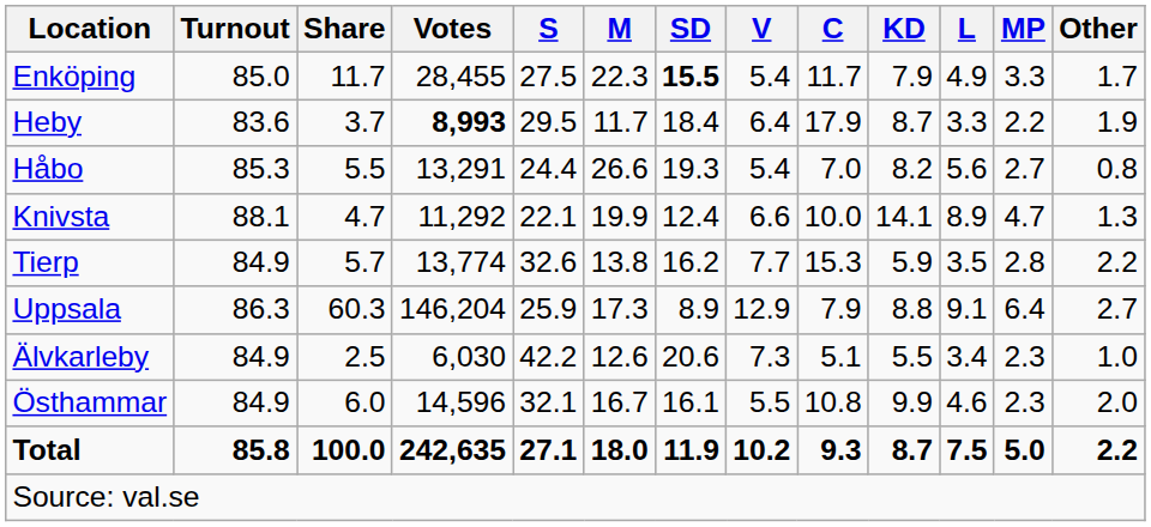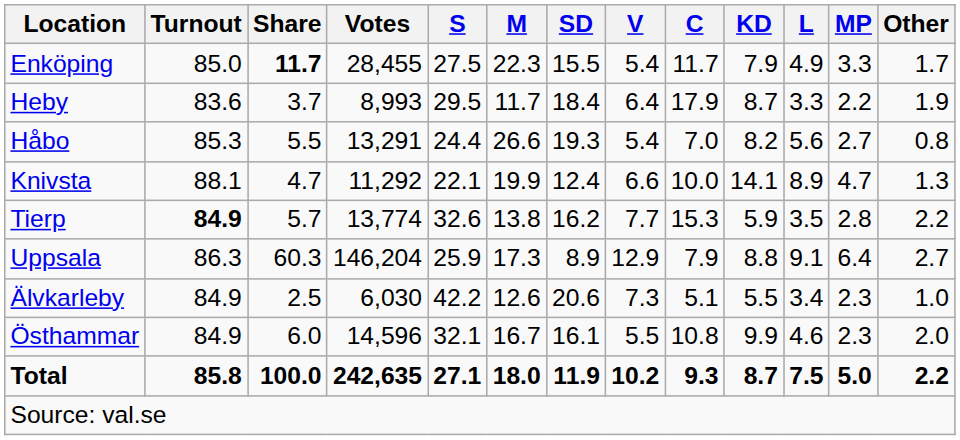 <table class="wikitable sortable" style=text-align:right>
 <tr>
 <th>Location</th>
 <th>Turnout</th>
 <th>Share</th>
 <th>Votes</th>
 <th><a href='#'>S</a></th>
 <th><a href='#'>M</a></th>
 <th><a href='#'>SD</a></th>
 <th><a href='#'>V</a></th>
 <th><a href='#'>C</a></th>
 <th><a href='#'>KD</a></th>
 <th><a href='#'>L</a></th>
 <th><a href='#'>MP</a></th>
 <th>Other</th>
 </tr>
 <tr>
 <td align=left><a href='#'>Enköping</a></td>
 <td>85.0</td>
-<td>11.7</td>
+<td><strong>11.7</strong></td>
 <td>28,455</td>
 <td>27.5</td>
 <td>22.3</td>
-<td><strong>15.5</strong></td>
+<td>15.5</td>
 <td>5.4</td>
 <td>11.7</td>
 <td>7.9</td>
 <td>4.9</td>
 <td>3.3</td>
 <td>1.7</td>
 </tr>
 <tr>
 <td align=left><a href='#'>Heby</a></td>
 <td>83.6</td>
 <td>3.7</td>
-<td><strong>8,993</strong></td>
+<td>8,993</td>
 <td>29.5</td>
 <td>11.7</td>
 <td>18.4</td>
 <td>6.4</td>
 <td>17.9</td>
 <td>8.7</td>
 <td>3.3</td>
 <td>2.2</td>
 <td>1.9</td>
 </tr>
 <tr>
 <td align=left><a href='#'>Håbo</a></td>
 <td>85.3</td>
 <td>5.5</td>
 <td>13,291</td>
 <td>24.4</td>
 <td>26.6</td>
 <td>19.3</td>
 <td>5.4</td>
 <td>7.0</td>
 <td>8.2</td>
 <td>5.6</td>
 <td>2.7</td>
 <td>0.8</td>
 </tr>
 <tr>
 <td align=left><a href='#'>Knivsta</a></td>
 <td>88.1</td>
 <td>4.7</td>
 <td>11,292</td>
 <td>22.1</td>
 <td>19.9</td>
 <td>12.4</td>
 <td>6.6</td>
 <td>10.0</td>
 <td>14.1</td>
 <td>8.9</td>
 <td>4.7</td>
 <td>1.3</td>
 </tr>
 <tr>
 <td align=left><a href='#'>Tierp</a></td>
-<td>84.9</td>
+<td><strong>84.9</strong></td>
 <td>5.7</td>
 <td>13,774</td>
 <td>32.6</td>
 <td>13.8</td>
 <td>16.2</td>
 <td>7.7</td>
 <td>15.3</td>
 <td>5.9</td>
 <td>3.5</td>
 <td>2.8</td>
 <td>2.2</td>
 </tr>
 <tr>
 <td align=left><a href='#'>Uppsala</a></td>
 <td>86.3</td>
 <td>60.3</td>
 <td>146,204</td>
 <td>25.9</td>
 <td>17.3</td>
 <td>8.9</td>
 <td>12.9</td>
 <td>7.9</td>
 <td>8.8</td>
 <td>9.1</td>
 <td>6.4</td>
 <td>2.7</td>
 </tr>
 <tr>
 <td align=left><a href='#'>Älvkarleby</a></td>
 <td>84.9</td>
 <td>2.5</td>
 <td>6,030</td>
 <td>42.2</td>
 <td>12.6</td>
 <td>20.6</td>
 <td>7.3</td>
 <td>5.1</td>
 <td>5.5</td>
 <td>3.4</td>
 <td>2.3</td>
 <td>1.0</td>
 </tr>
 <tr>
 <td align=left><a href='#'>Östhammar</a></td>
 <td>84.9</td>
 <td>6.0</td>
 <td>14,596</td>
 <td>32.1</td>
 <td>16.7</td>
 <td>16.1</td>
 <td>5.5</td>
 <td>10.8</td>
 <td>9.9</td>
 <td>4.6</td>
 <td>2.3</td>
 <td>2.0</td>
 </tr>
 <tr>
 <td align=left><strong>Total</strong></td>
 <td><strong>85.8</strong></td>
 <td><strong>100.0</strong></td>
 <td><strong>242,635</strong></td>
 <td><strong>27.1</strong></td>
 <td><strong>18.0</strong></td>
 <td><strong>11.9</strong></td>
 <td><strong>10.2</strong></td>
 <td><strong>9.3</strong></td>
 <td><strong>8.7</strong></td>
 <td><strong>7.5</strong></td>
 <td><strong>5.0</strong></td>
 <td><strong>2.2</strong></td>
 </tr>
 <tr>
 <td align=left colspan=13>Source: val.se</td>
 </tr>
 </table>
